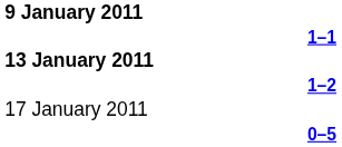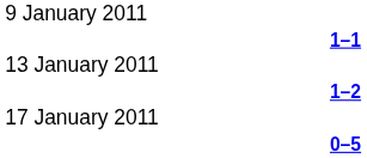 <table style="width:70%;" cellspacing="1">
 <tr>
 <th width=35%></th>
 <th width=15%></th>
 <th></th>
 </tr>
 <tr>
-<td><strong>9 January 2011</strong></td>
+<td>9 January 2011</td>
 </tr>
 <tr style=font-size:90%>
 <td align=right><strong></strong></td>
 <td align=center><strong><a href='#'>1–1</a></strong></td>
 <td><strong></strong></td>
 </tr>
 <tr>
-<td><strong>13 January 2011</strong></td>
+<td>13 January 2011</td>
 </tr>
 <tr style=font-size:90%>
 <td align=right><strong></strong></td>
 <td align=center><strong><a href='#'>1–2</a></strong></td>
 <td><strong></strong></td>
 </tr>
 <tr>
 <td>17 January 2011</td>
 </tr>
 <tr style=font-size:90%>
 <td align=right><strong></strong></td>
 <td align=center><strong><a href='#'>0–5</a></strong></td>
 <td><strong></strong></td>
 </tr>
 </table>
